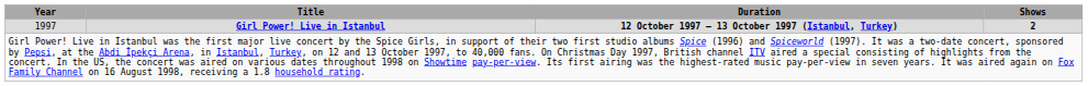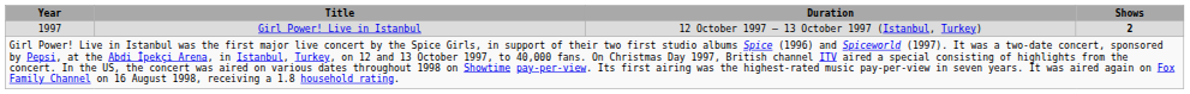 <table class="wikitable" style="width:100%;">
 <tr>
 <th style="width:20px; background:darkGrey;">Year</th>
 <th style="width:200px; background:darkGrey;">Title</th>
 <th style="width:200px; background:darkGrey;">Duration</th>
 <th style="width:20px; background:darkGrey;">Shows</th>
 </tr>
 <tr style="text-align:center; background:#dcdcdc;">
 <td>1997</td>
-<td style="background:#dcdcdc; text-align:center;"><strong><a href='#'>Girl Power! Live in Istanbul</a></strong></td>
-<td style="background:#dcdcdc; text-align:center;"><strong>12 October 1997 – 13 October 1997 (<a href='#'>Istanbul</a>, <a href='#'>Turkey</a>)</strong></td>
+<td style="background:#dcdcdc; text-align:center;"><a href='#'>Girl Power! Live in Istanbul</a></td>
+<td style="background:#dcdcdc; text-align:center;">12 October 1997 – 13 October 1997 (<a href='#'>Istanbul</a>, <a href='#'>Turkey</a>)</td>
 <td style="background:#dcdcdc; text-align:center;"><strong>2</strong></td>
 </tr>
 <tr>
 <td colspan="14" style="border-bottom-width:1px; padding:5px;">Girl Power! Live in Istanbul was the first major live concert by the Spice Girls, in support of their two first studio albums <em><a href='#'>Spice</a></em> (1996) and <em><a href='#'>Spiceworld</a></em> (1997). It was a two-date concert, sponsored by <a href='#'>Pepsi</a>, at the <a href='#'>Abdi İpekçi Arena</a>, in <a href='#'>Istanbul</a>, <a href='#'>Turkey</a>, on 12 and 13 October 1997, to 40,000 fans. On Christmas Day 1997, British channel <a href='#'>ITV</a> aired a special consisting of highlights from the concert. In the US, the concert was aired on various dates throughout 1998 on <a href='#'>Showtime</a> <a href='#'>pay-per-view</a>. Its first airing was the highest-rated music pay-per-view in seven years. It was aired again on <a href='#'>Fox Family Channel</a> on 16 August 1998, receiving a 1.8 <a href='#'>household rating</a>.</td>
 </tr>
 </table>
